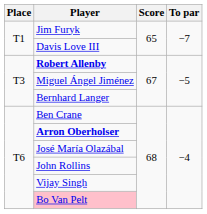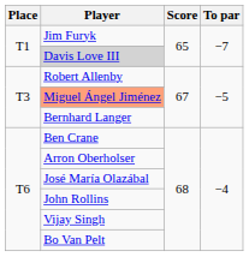 <table class="wikitable">
 <tr>
 <th>Place</th>
 <th>Player</th>
 <th>Score</th>
 <th>To par</th>
 </tr>
 <tr>
 <td rowspan="2" style="text-align:center;">T1</td>
 <td> <a href='#'>Jim Furyk</a></td>
 <td rowspan="2" style="text-align:center;">65</td>
 <td rowspan="2" style="text-align:center;">−7</td>
 </tr>
 <tr>
-<td> <a href='#'>Davis Love III</a></td>
+<td style="background: lightgrey;"> <a href='#'>Davis Love III</a></td>
 </tr>
 <tr>
 <td rowspan="3" style="text-align:center;">T3</td>
-<td><strong> <a href='#'>Robert Allenby</a></strong></td>
+<td> <a href='#'>Robert Allenby</a></td>
 <td rowspan="3" style="text-align:center;">67</td>
 <td rowspan="3" style="text-align:center;">−5</td>
 </tr>
 <tr>
-<td> <a href='#'>Miguel Ángel Jiménez</a></td>
+<td style="background: lightsalmon;"> <a href='#'>Miguel Ángel Jiménez</a></td>
 </tr>
 <tr>
 <td> <a href='#'>Bernhard Langer</a></td>
 </tr>
 <tr>
 <td rowspan="6" style="text-align:center;">T6</td>
 <td> <a href='#'>Ben Crane</a></td>
 <td rowspan="6" style="text-align:center;">68</td>
 <td rowspan="6" style="text-align:center;">−4</td>
 </tr>
 <tr>
-<td><strong> <a href='#'>Arron Oberholser</a></strong></td>
+<td> <a href='#'>Arron Oberholser</a></td>
 </tr>
 <tr>
 <td> <a href='#'>José María Olazábal</a></td>
 </tr>
 <tr>
 <td> <a href='#'>John Rollins</a></td>
 </tr>
 <tr>
 <td> <a href='#'>Vijay Singh</a></td>
 </tr>
 <tr>
-<td style="background: pink;"> <a href='#'>Bo Van Pelt</a></td>
+<td> <a href='#'>Bo Van Pelt</a></td>
 </tr>
 </table>
